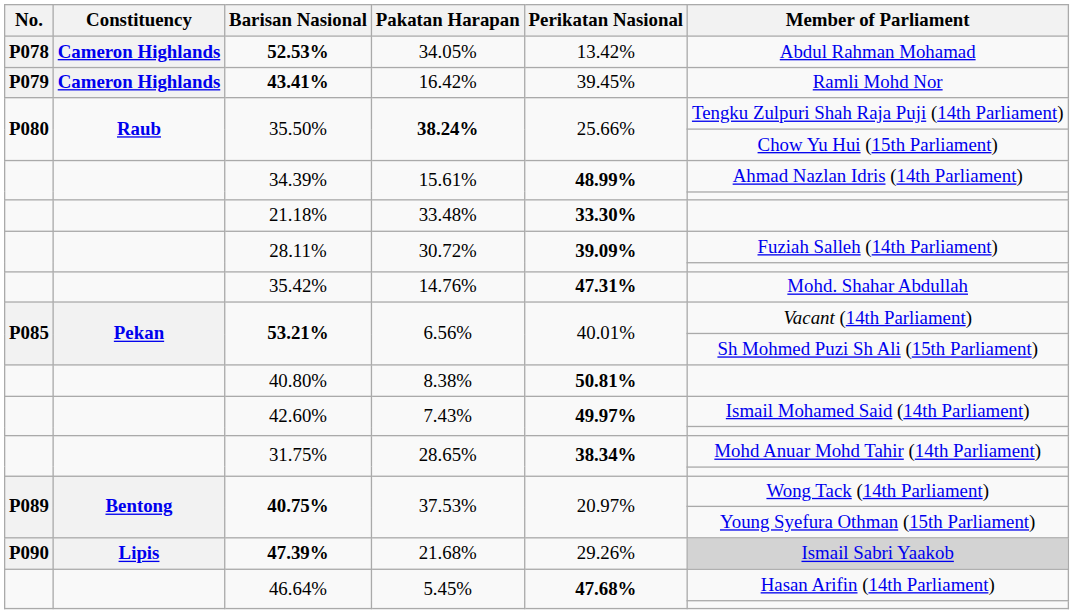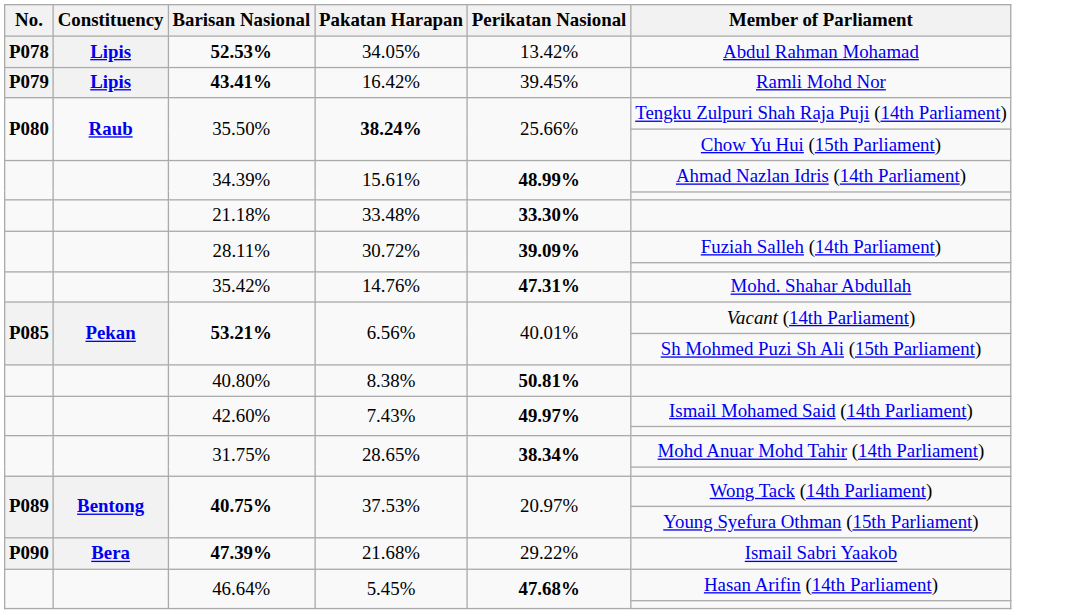 <table class="wikitable sortable" style="text-align:center; font-size:90%">
 <tr>
 <th>No.</th>
 <th>Constituency</th>
 <th>Barisan Nasional</th>
 <th>Pakatan Harapan</th>
 <th>Perikatan Nasional</th>
 <th>Member of Parliament</th>
 </tr>
 <tr align=center>
 <th rowspan=1 >P078</th>
-<th><a href='#'>Cameron Highlands</a></th>
+<th><a href='#'>Lipis</a></th>
 <td rowspan=1><strong>52.53%</strong></td>
 <td rowspan=1>34.05%</td>
 <td rowspan=1>13.42%</td>
 <td><a href='#'>Abdul Rahman Mohamad</a></td>
 </tr>
 <tr align=center>
 <th rowspan=1 >P079</th>
-<th><a href='#'>Cameron Highlands</a></th>
+<th><a href='#'>Lipis</a></th>
 <td rowspan=1><strong>43.41%</strong></td>
 <td rowspan=1>16.42%</td>
 <td rowspan=1>39.45%</td>
 <td><a href='#'>Ramli Mohd Nor</a></td>
 </tr>
 <tr align=center>
 <td rowspan=2><strong>P080</strong></td>
 <td rowspan=2><strong><a href='#'>Raub</a></strong></td>
 <td rowspan=2>35.50%</td>
 <td rowspan=2><strong>38.24%</strong></td>
 <td rowspan=2>25.66%</td>
 <td><a href='#'>Tengku Zulpuri Shah Raja Puji</a> (<a href='#'>14th Parliament</a>)</td>
 </tr>
 <tr align=center>
 <td><a href='#'>Chow Yu Hui</a> (<a href='#'>15th Parliament</a>)</td>
 </tr>
 <tr align=center>
 <td rowspan=2></td>
 <td rowspan=2></td>
 <td rowspan=2>34.39%</td>
 <td rowspan=2>15.61%</td>
 <td rowspan=2><strong>48.99%</strong></td>
 <td><a href='#'>Ahmad Nazlan Idris</a> (<a href='#'>14th Parliament</a>)</td>
 </tr>
 <tr align=center>
 <td> </td>
 </tr>
 <tr align=center>
 <td rowspan=1></td>
 <td rowspan=1></td>
 <td rowspan=1>21.18%</td>
 <td rowspan=1>33.48%</td>
 <td rowspan=1><strong>33.30%</strong></td>
 <td></td>
 </tr>
 <tr align=center>
 <td rowspan=2></td>
 <td rowspan=2></td>
 <td rowspan=2>28.11%</td>
 <td rowspan=2>30.72%</td>
 <td rowspan=2><strong>39.09%</strong></td>
 <td><a href='#'>Fuziah Salleh</a> (<a href='#'>14th Parliament</a>)</td>
 </tr>
 <tr align=center>
 <td></td>
 </tr>
 <tr align=center>
 <td rowspan=1></td>
 <td rowspan=1></td>
 <td rowspan=1>35.42%</td>
 <td rowspan=1>14.76%</td>
 <td rowspan=1><strong>47.31%</strong></td>
 <td><a href='#'>Mohd. Shahar Abdullah</a></td>
 </tr>
 <tr align=center>
 <th rowspan=2 >P085</th>
 <th rowspan=2 ><a href='#'>Pekan</a></th>
 <td rowspan=2><strong>53.21%</strong></td>
 <td rowspan=2>6.56%</td>
 <td rowspan=2>40.01%</td>
 <td><em>Vacant</em> (<a href='#'>14th Parliament</a>)</td>
 </tr>
 <tr align=center>
 <td><a href='#'>Sh Mohmed Puzi Sh Ali</a> (<a href='#'>15th Parliament</a>)</td>
 </tr>
 <tr align=center>
 <td rowspan=1></td>
 <td rowspan=1></td>
 <td rowspan=1>40.80%</td>
 <td rowspan=1>8.38%</td>
 <td rowspan=1><strong>50.81%</strong></td>
 <td></td>
 </tr>
 <tr align=center>
 <td rowspan=2></td>
 <td rowspan=2></td>
 <td rowspan=2>42.60%</td>
 <td rowspan=2>7.43%</td>
 <td rowspan=2><strong>49.97%</strong></td>
 <td><a href='#'>Ismail Mohamed Said</a> (<a href='#'>14th Parliament</a>)</td>
 </tr>
 <tr align=center>
 <td> </td>
 </tr>
 <tr align=center>
 <td rowspan=2></td>
 <td rowspan=2></td>
 <td rowspan=2>31.75%</td>
 <td rowspan=2>28.65%</td>
 <td rowspan=2><strong>38.34%</strong></td>
 <td><a href='#'>Mohd Anuar Mohd Tahir</a> (<a href='#'>14th Parliament</a>)</td>
 </tr>
 <tr align=center>
 <td> </td>
 </tr>
 <tr align=center>
 <th rowspan=2 >P089</th>
 <th rowspan=2 ><a href='#'>Bentong</a></th>
 <td rowspan=2><strong>40.75%</strong></td>
 <td rowspan=2>37.53%</td>
 <td rowspan=2>20.97%</td>
 <td><a href='#'>Wong Tack</a> (<a href='#'>14th Parliament</a>)</td>
 </tr>
 <tr align=center>
 <td><a href='#'>Young Syefura Othman</a> (<a href='#'>15th Parliament</a>)</td>
 </tr>
 <tr align=center>
 <th rowspan=1 >P090</th>
-<th><a href='#'>Lipis</a></th>
+<th><a href='#'>Bera</a></th>
 <td rowspan=1><strong>47.39%</strong></td>
 <td rowspan=1>21.68%</td>
-<td rowspan=1>29.26%</td>
-<td style="background: lightgrey;"><a href='#'>Ismail Sabri Yaakob</a></td>
+<td rowspan=1>29.22%</td>
+<td><a href='#'>Ismail Sabri Yaakob</a></td>
 </tr>
 <tr align=center>
 <td rowspan=2></td>
 <td rowspan=2></td>
 <td rowspan=2>46.64%</td>
 <td rowspan=2>5.45%</td>
 <td rowspan=2><strong>47.68%</strong></td>
 <td><a href='#'>Hasan Arifin</a> (<a href='#'>14th Parliament</a>)</td>
 </tr>
 <tr align=center>
 <td> </td>
 </tr>
 </table>
